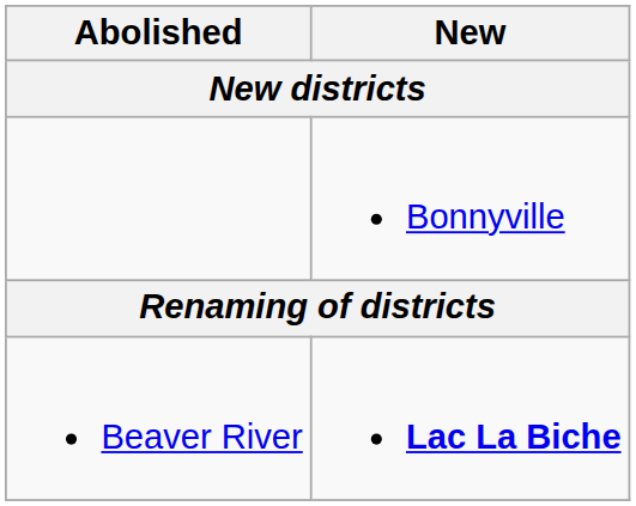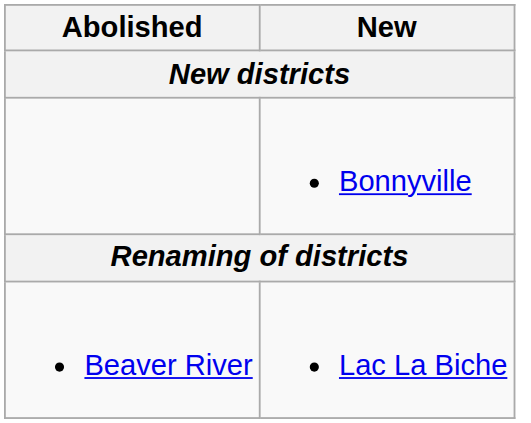 <table class="wikitable">
 <tr>
 <th>Abolished</th>
 <th>New</th>
 </tr>
 <tr>
 <th colspan="2"><em>New districts</em></th>
 </tr>
 <tr>
 <td></td>
 <td><br><ul><li><a href='#'>Bonnyville</a></li></ul></td>
 </tr>
 <tr>
 <th colspan="2"><em>Renaming of districts</em></th>
 </tr>
 <tr>
 <td><br><ul><li><a href='#'>Beaver River</a></li></ul></td>
-<td><strong><br><ul><li><a href='#'>Lac La Biche</a></li></ul></strong></td>
+<td><br><ul><li><a href='#'>Lac La Biche</a></li></ul></td>
 </tr>
 </table>
